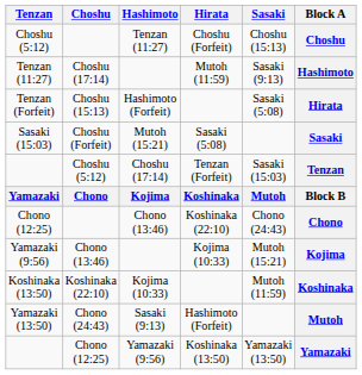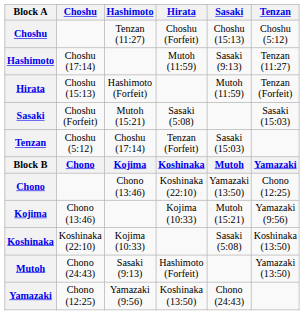 <table class="wikitable" style="margin: 1em auto 1em auto">
 <tr align="center">
-<th><a href='#'>Tenzan</a></th>
+<th>Block A</th>
 <th><a href='#'>Choshu</a></th>
 <th><a href='#'>Hashimoto</a></th>
 <th><a href='#'>Hirata</a></th>
 <th><a href='#'>Sasaki</a></th>
-<th>Block A</th>
+<th><a href='#'>Tenzan</a></th>
 </tr>
 <tr align="center">
-<td>Choshu<br>(5:12)</td>
+<th><a href='#'>Choshu</a></th>
 <td></td>
 <td>Tenzan<br>(11:27)</td>
 <td>Choshu<br>(Forfeit)</td>
 <td>Choshu<br>(15:13)</td>
-<th><a href='#'>Choshu</a></th>
+<td>Choshu<br>(5:12)</td>
 </tr>
 <tr align="center">
-<td>Tenzan<br>(11:27)</td>
+<th><a href='#'>Hashimoto</a></th>
 <td>Choshu<br>(17:14)</td>
 <td></td>
 <td>Mutoh<br>(11:59)</td>
 <td>Sasaki<br>(9:13)</td>
-<th><a href='#'>Hashimoto</a></th>
+<td>Tenzan<br>(11:27)</td>
 </tr>
 <tr align="center">
-<td>Tenzan<br>(Forfeit)</td>
+<th><a href='#'>Hirata</a></th>
 <td>Choshu<br>(15:13)</td>
 <td>Hashimoto<br>(Forfeit)</td>
 <td></td>
-<td>Sasaki<br>(5:08)</td>
-<th><a href='#'>Hirata</a></th>
+<td>Mutoh<br>(11:59)</td>
+<td>Tenzan<br>(Forfeit)</td>
 </tr>
 <tr align="center">
-<td>Sasaki<br>(15:03)</td>
+<th><a href='#'>Sasaki</a></th>
 <td>Choshu<br>(Forfeit)</td>
 <td>Mutoh<br>(15:21)</td>
 <td>Sasaki<br>(5:08)</td>
 <td></td>
-<th><a href='#'>Sasaki</a></th>
+<td>Sasaki<br>(15:03)</td>
 </tr>
 <tr align="center">
-<td></td>
+<th><a href='#'>Tenzan</a></th>
 <td>Choshu<br>(5:12)</td>
 <td>Choshu<br>(17:14)</td>
 <td>Tenzan<br>(Forfeit)</td>
 <td>Sasaki<br>(15:03)</td>
-<th><a href='#'>Tenzan</a></th>
+<td></td>
 </tr>
 <tr align="center">
-<th><a href='#'>Yamazaki</a></th>
+<th>Block B</th>
 <th><a href='#'>Chono</a></th>
 <th><a href='#'>Kojima</a></th>
 <th><a href='#'>Koshinaka</a></th>
 <th><a href='#'>Mutoh</a></th>
-<th>Block B</th>
+<th><a href='#'>Yamazaki</a></th>
 </tr>
 <tr align="center">
-<td>Chono<br>(12:25)</td>
+<th><a href='#'>Chono</a></th>
 <td></td>
 <td>Chono<br>(13:46)</td>
 <td>Koshinaka<br>(22:10)</td>
-<td>Chono<br>(24:43)</td>
-<th><a href='#'>Chono</a></th>
+<td>Yamazaki<br>(13:50)</td>
+<td>Chono<br>(12:25)</td>
 </tr>
 <tr align="center">
-<td>Yamazaki<br>(9:56)</td>
+<th><a href='#'>Kojima</a></th>
 <td>Chono<br>(13:46)</td>
 <td></td>
 <td>Kojima<br>(10:33)</td>
 <td>Mutoh<br>(15:21)</td>
-<th><a href='#'>Kojima</a></th>
+<td>Yamazaki<br>(9:56)</td>
 </tr>
 <tr align="center">
-<td>Koshinaka<br>(13:50)</td>
+<th><a href='#'>Koshinaka</a></th>
 <td>Koshinaka<br>(22:10)</td>
 <td>Kojima<br>(10:33)</td>
 <td></td>
-<td>Mutoh<br>(11:59)</td>
-<th><a href='#'>Koshinaka</a></th>
+<td>Sasaki<br>(5:08)</td>
+<td>Koshinaka<br>(13:50)</td>
 </tr>
 <tr align="center">
-<td>Yamazaki<br>(13:50)</td>
+<th><a href='#'>Mutoh</a></th>
 <td>Chono<br>(24:43)</td>
 <td>Sasaki<br>(9:13)</td>
 <td>Hashimoto<br>(Forfeit)</td>
 <td></td>
-<th><a href='#'>Mutoh</a></th>
+<td>Yamazaki<br>(13:50)</td>
 </tr>
 <tr align="center">
-<td></td>
+<th><a href='#'>Yamazaki</a></th>
 <td>Chono<br>(12:25)</td>
 <td>Yamazaki<br>(9:56)</td>
 <td>Koshinaka<br>(13:50)</td>
-<td>Yamazaki<br>(13:50)</td>
-<th><a href='#'>Yamazaki</a></th>
+<td>Chono<br>(24:43)</td>
+<td></td>
 </tr>
 </table>
